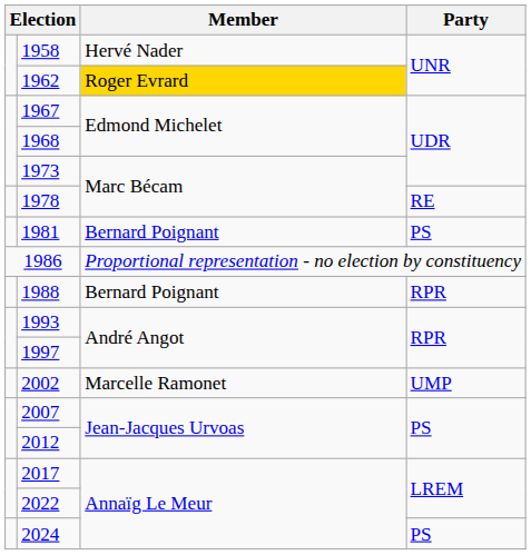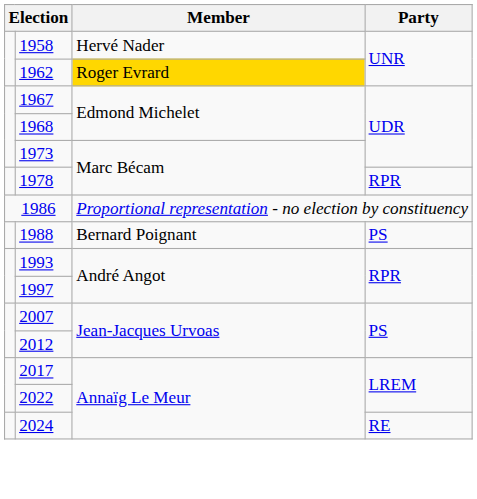 <table class="wikitable">
 <tr>
 <th colspan="2">Election</th>
 <th>Member</th>
 <th>Party</th>
 </tr>
 <tr>
 <td rowspan="2" style="color:inherit;background-color: "></td>
 <td><a href='#'>1958</a></td>
 <td>Hervé Nader</td>
 <td rowspan="2"><a href='#'>UNR</a></td>
 </tr>
 <tr>
 <td><a href='#'>1962</a></td>
 <td style="background: gold;">Roger Evrard</td>
 </tr>
 <tr>
 <td rowspan="3" style="color:inherit;background-color: "></td>
 <td><a href='#'>1967</a></td>
 <td rowspan="2">Edmond Michelet</td>
 <td rowspan="3"><a href='#'>UDR</a></td>
 </tr>
 <tr>
 <td><a href='#'>1968</a></td>
 </tr>
 <tr>
 <td><a href='#'>1973</a></td>
 <td rowspan="2">Marc Bécam</td>
 </tr>
 <tr>
 <td style="color:inherit;background-color: "></td>
 <td><a href='#'>1978</a></td>
-<td><a href='#'>RE</a></td>
-</tr>
-<tr>
-<td style="color:inherit;background-color: "></td>
-<td><a href='#'>1981</a></td>
-<td><a href='#'>Bernard Poignant</a></td>
-<td><a href='#'>PS</a></td>
+<td><a href='#'>RPR</a></td>
 </tr>
 <tr>
 <td colspan="2" align="center"><a href='#'>1986</a></td>
 <td colspan="2"><em><a href='#'>Proportional representation</a> - no election by constituency</em></td>
 </tr>
 <tr>
 <td style="color:inherit;background-color: "></td>
 <td><a href='#'>1988</a></td>
 <td>Bernard Poignant</td>
-<td><a href='#'>RPR</a></td>
+<td><a href='#'>PS</a></td>
 </tr>
 <tr>
 <td rowspan="2" style="color:inherit;background-color: "></td>
 <td><a href='#'>1993</a></td>
 <td rowspan="2">André Angot</td>
 <td rowspan="2"><a href='#'>RPR</a></td>
 </tr>
 <tr>
 <td><a href='#'>1997</a></td>
-</tr>
-<tr>
-<td style="color:inherit;background-color: "></td>
-<td><a href='#'>2002</a></td>
-<td>Marcelle Ramonet</td>
-<td><a href='#'>UMP</a></td>
 </tr>
 <tr>
 <td rowspan=2 style="color:inherit;background-color: "></td>
 <td><a href='#'>2007</a></td>
 <td rowspan=2><a href='#'>Jean-Jacques Urvoas</a></td>
 <td rowspan=2><a href='#'>PS</a></td>
 </tr>
 <tr>
 <td><a href='#'>2012</a></td>
 </tr>
 <tr>
 <td rowspan="2" style="color:inherit;background-color: "></td>
 <td><a href='#'>2017</a></td>
 <td rowspan="3"><a href='#'>Annaïg Le Meur</a></td>
 <td rowspan="2"><a href='#'>LREM</a></td>
 </tr>
 <tr>
 <td><a href='#'>2022</a></td>
 </tr>
 <tr>
 <td style="color:inherit;background-color: "></td>
 <td><a href='#'>2024</a></td>
-<td><a href='#'>PS</a></td>
+<td><a href='#'>RE</a></td>
 </tr>
 </table>
